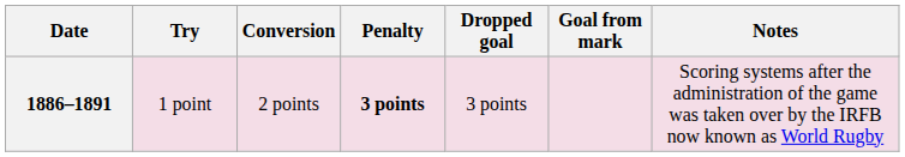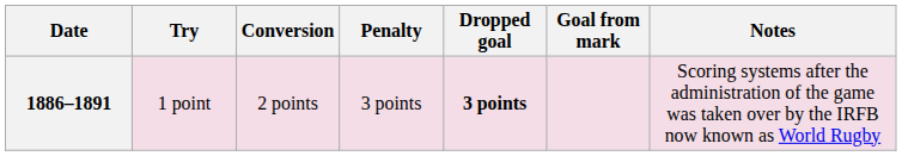 <table class="wikitable">
 <tr>
 <th scope="col" width="100px">Date</th>
 <th scope="col" width="80px">Try</th>
 <th scope="col" width="80px">Conversion</th>
 <th scope="col" width="80px">Penalty</th>
 <th scope="col" width="80px">Dropped goal</th>
 <th scope="col" width="80px">Goal from mark</th>
 <th scope="col" width="200px">Notes<br></th>
 </tr>
 <tr style="text-align:center;background:#F4DDE7;">
 <th>1886–1891</th>
 <td>1 point</td>
 <td>2 points</td>
+<td>3 points</td>
 <td><strong>3 points</strong></td>
-<td>3 points</td>
 <td></td>
 <td rowspan="8">Scoring systems after the administration of the game was taken over by the IRFB now known as <a href='#'>World Rugby</a><br></td>
 </tr>
 </table>
